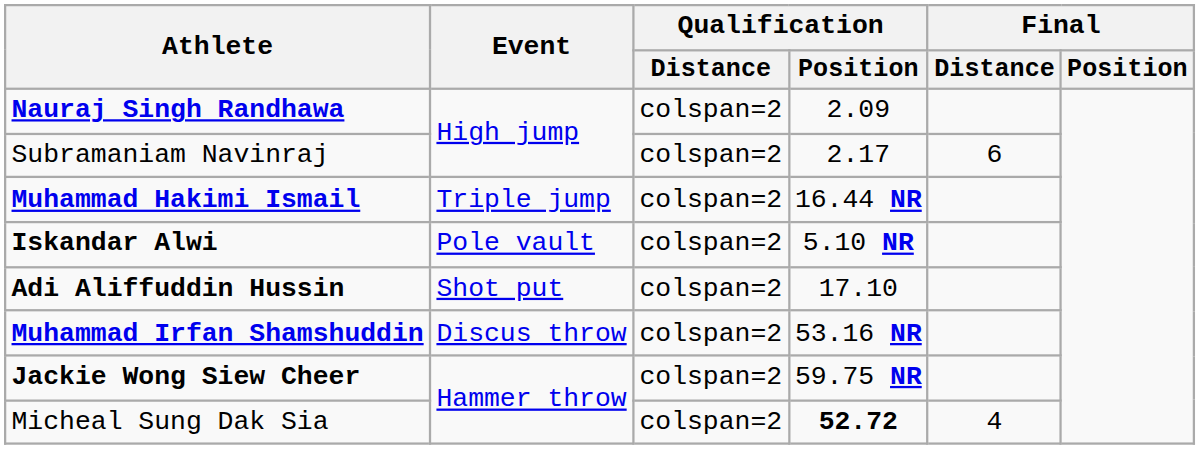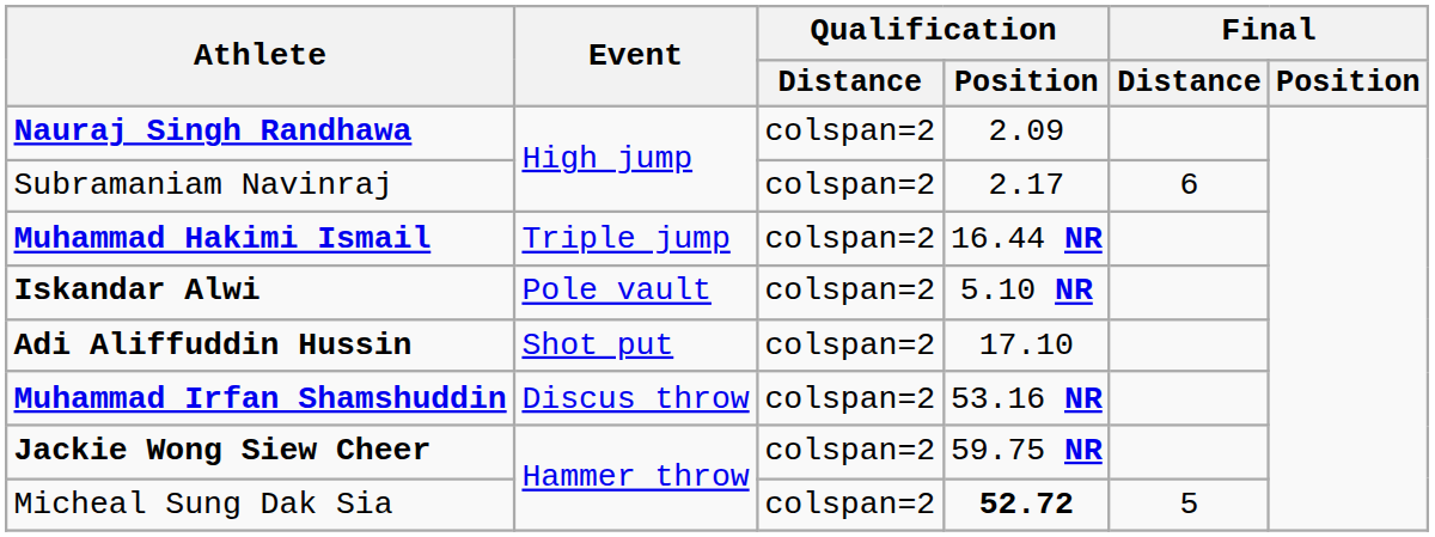 <table class=wikitable style="font-size:90%">
 <tr>
 <th rowspan="2">Athlete</th>
 <th rowspan="2">Event</th>
 <th colspan="2">Qualification</th>
 <th colspan="2">Final</th>
 </tr>
 <tr style="font-size:95%">
 <th>Distance</th>
 <th>Position</th>
 <th>Distance</th>
 <th>Position</th>
 </tr>
 <tr align=center>
 <td align=left><strong><a href='#'>Nauraj Singh Randhawa</a></strong></td>
 <td align=left rowspan=2><a href='#'>High jump</a></td>
 <td>colspan=2 </td>
 <td>2.09</td>
 <td></td>
 </tr>
 <tr align=center>
 <td align=left>Subramaniam Navinraj</td>
 <td>colspan=2 </td>
 <td>2.17</td>
 <td>6</td>
 </tr>
 <tr align=center>
 <td align=left><strong><a href='#'>Muhammad Hakimi Ismail</a></strong></td>
 <td align=left><a href='#'>Triple jump</a></td>
 <td>colspan=2 </td>
 <td>16.44 <strong><a href='#'>NR</a></strong></td>
 <td></td>
 </tr>
 <tr align=center>
 <td align=left><strong>Iskandar Alwi</strong></td>
 <td align=left><a href='#'>Pole vault</a></td>
 <td>colspan=2 </td>
 <td>5.10 <strong><a href='#'>NR</a></strong></td>
 <td></td>
 </tr>
 <tr align=center>
 <td align=left><strong>Adi Aliffuddin Hussin</strong></td>
 <td align=left><a href='#'>Shot put</a></td>
 <td>colspan=2 </td>
 <td>17.10</td>
 <td></td>
 </tr>
 <tr align=center>
 <td align=left><strong><a href='#'>Muhammad Irfan Shamshuddin</a></strong></td>
 <td align=left><a href='#'>Discus throw</a></td>
 <td>colspan=2 </td>
 <td>53.16 <strong><a href='#'>NR</a></strong></td>
 <td></td>
 </tr>
 <tr align=center>
 <td align=left><strong>Jackie Wong Siew Cheer</strong></td>
 <td align=left rowspan=2><a href='#'>Hammer throw</a></td>
 <td>colspan=2 </td>
 <td>59.75 <strong><a href='#'>NR</a></strong></td>
 <td></td>
 </tr>
 <tr align=center>
 <td align=left>Micheal Sung Dak Sia</td>
 <td>colspan=2 </td>
 <td><strong>52.72</strong></td>
-<td>4</td>
+<td>5</td>
 </tr>
 </table>
